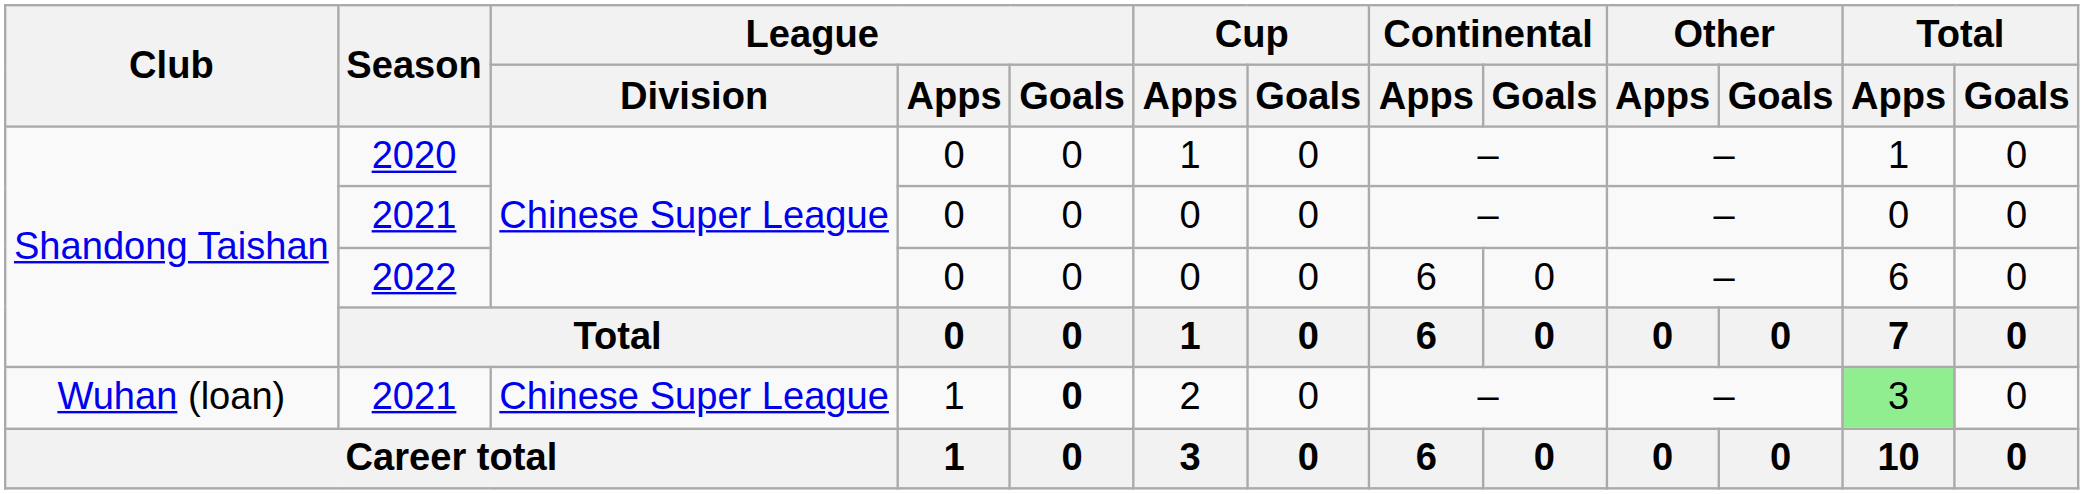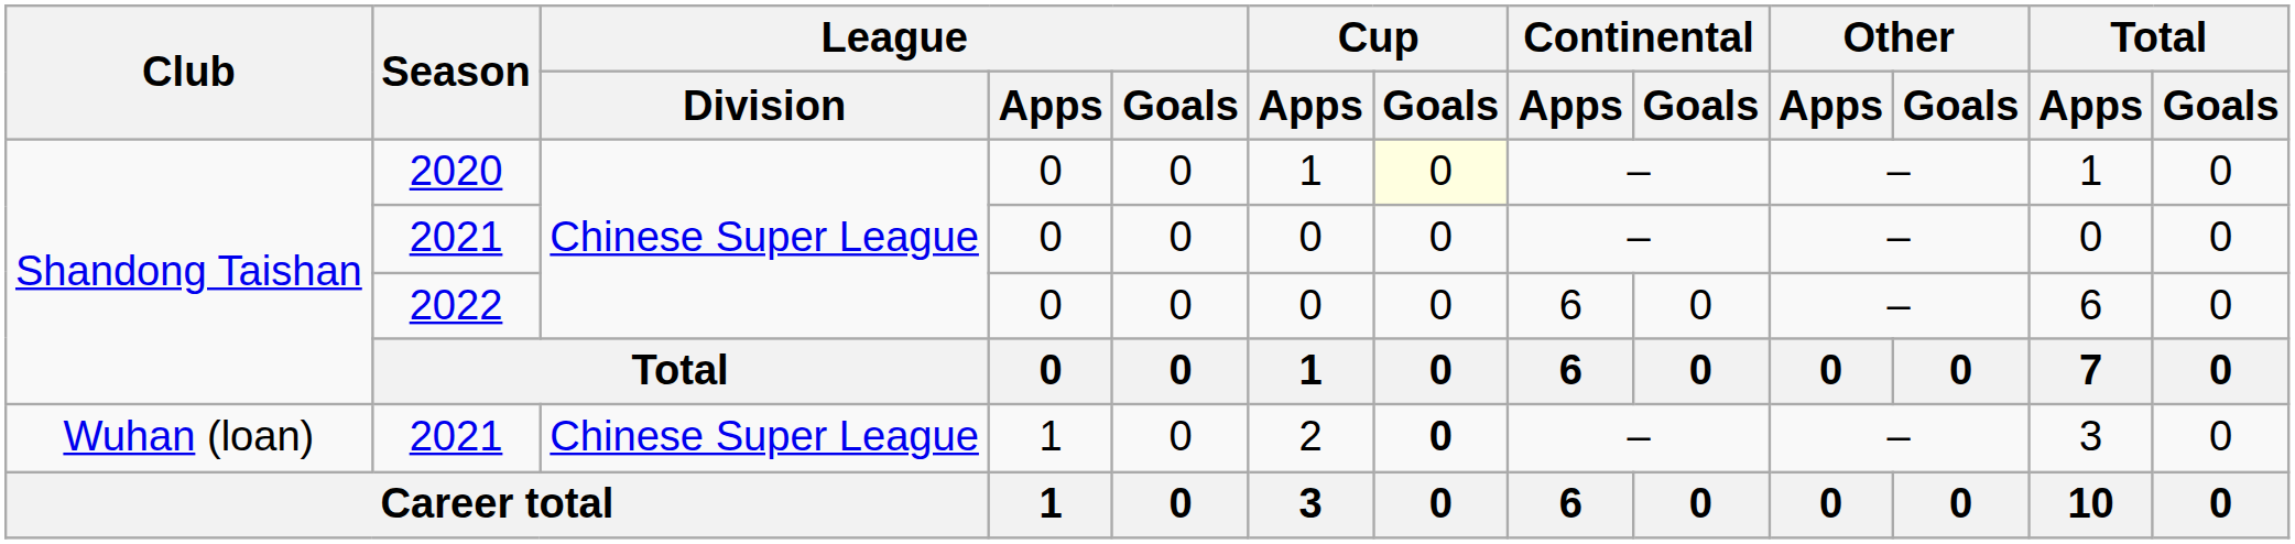 <table class="wikitable" style="text-align: center">
 <tr>
 <th rowspan="2">Club</th>
 <th rowspan="2">Season</th>
 <th colspan="3">League</th>
 <th colspan="2">Cup</th>
 <th colspan="2">Continental</th>
 <th colspan="2">Other</th>
 <th colspan="2">Total</th>
 </tr>
 <tr>
 <th>Division</th>
 <th>Apps</th>
 <th>Goals</th>
 <th>Apps</th>
 <th>Goals</th>
 <th>Apps</th>
 <th>Goals</th>
 <th>Apps</th>
 <th>Goals</th>
 <th>Apps</th>
 <th>Goals</th>
 </tr>
 <tr>
 <td rowspan="4"><a href='#'>Shandong Taishan</a></td>
 <td><a href='#'>2020</a></td>
 <td rowspan="3"><a href='#'>Chinese Super League</a></td>
 <td>0</td>
 <td>0</td>
 <td>1</td>
-<td>0</td>
+<td style="background: lightyellow;">0</td>
 <td colspan="2">–</td>
 <td colspan="2">–</td>
 <td>1</td>
 <td>0</td>
 </tr>
 <tr>
 <td><a href='#'>2021</a></td>
 <td>0</td>
 <td>0</td>
 <td>0</td>
 <td>0</td>
 <td colspan="2">–</td>
 <td colspan="2">–</td>
 <td>0</td>
 <td>0</td>
 </tr>
 <tr>
 <td><a href='#'>2022</a></td>
 <td>0</td>
 <td>0</td>
 <td>0</td>
 <td>0</td>
 <td>6</td>
 <td>0</td>
 <td colspan="2">–</td>
 <td>6</td>
 <td>0</td>
 </tr>
 <tr>
 <th colspan=2>Total</th>
 <th>0</th>
 <th>0</th>
 <th>1</th>
 <th>0</th>
 <th>6</th>
 <th>0</th>
 <th>0</th>
 <th>0</th>
 <th>7</th>
 <th>0</th>
 </tr>
 <tr>
 <td><a href='#'>Wuhan</a> (loan)</td>
 <td><a href='#'>2021</a></td>
 <td><a href='#'>Chinese Super League</a></td>
 <td>1</td>
+<td>0</td>
+<td>2</td>
 <td><strong>0</strong></td>
-<td>2</td>
-<td>0</td>
 <td colspan="2">–</td>
 <td colspan="2">–</td>
-<td style="background: lightgreen;">3</td>
+<td>3</td>
 <td>0</td>
 </tr>
 <tr>
 <th colspan=3>Career total</th>
 <th>1</th>
 <th>0</th>
 <th>3</th>
 <th>0</th>
 <th>6</th>
 <th>0</th>
 <th>0</th>
 <th>0</th>
 <th>10</th>
 <th>0</th>
 </tr>
 </table>
